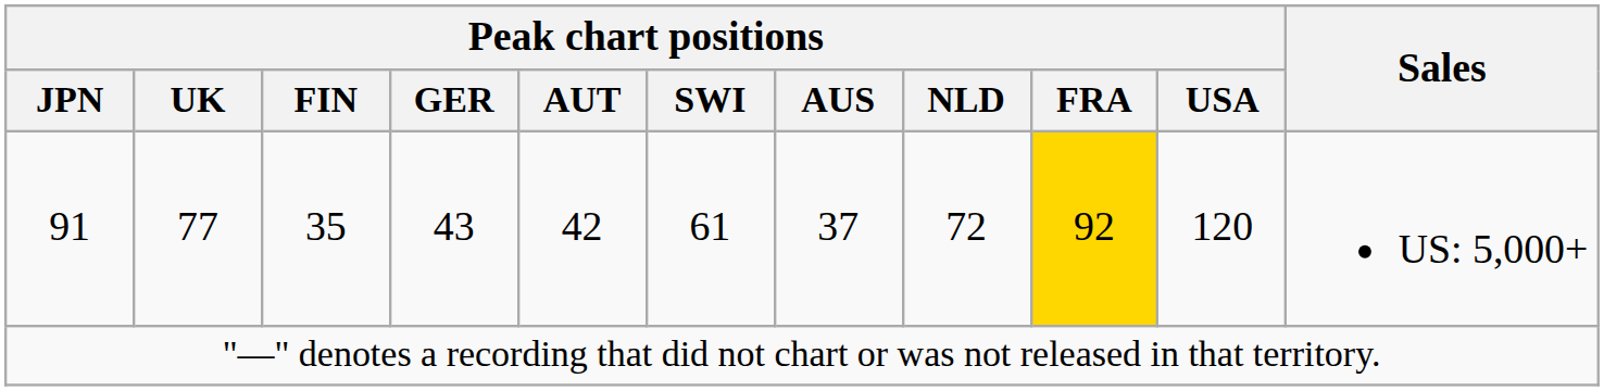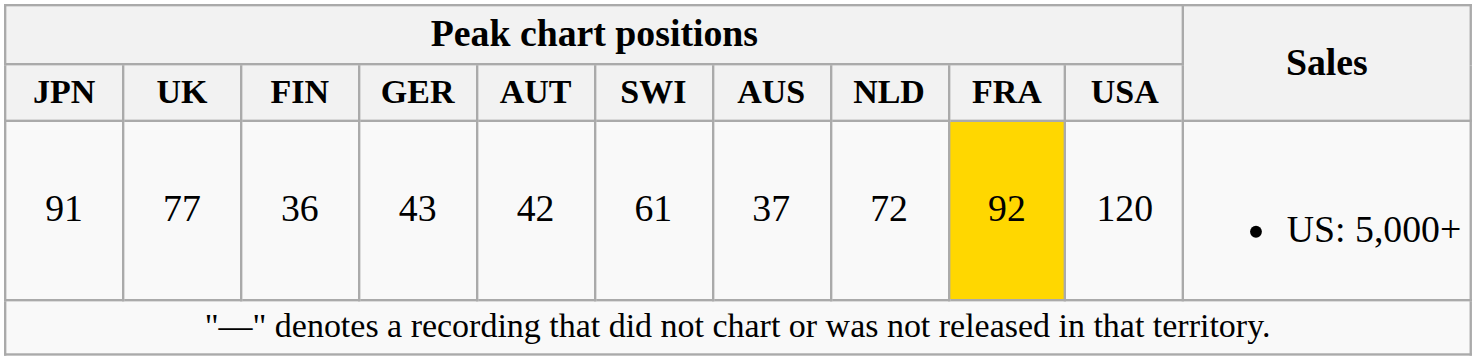 <table class="wikitable plainrowheaders" style="text-align:center;">
 <tr>
 <th scope="col" colspan="10">Peak chart positions</th>
 <th scope="col" rowspan="2">Sales</th>
 </tr>
 <tr>
 <th scope="col" style="width:3em;font-size:90%;">JPN<br></th>
 <th scope="col" style="width:3em;font-size:90%;">UK<br></th>
 <th scope="col" style="width:3em;font-size:90%;">FIN<br></th>
 <th scope="col" style="width:3em;font-size:90%;">GER<br></th>
 <th scope="col" style="width:3em;font-size:90%;">AUT<br></th>
 <th scope="col" style="width:3em;font-size:90%;">SWI<br></th>
 <th scope="col" style="width:3em;font-size:90%;">AUS<br></th>
 <th scope="col" style="width:3em;font-size:90%;">NLD<br></th>
 <th scope="col" style="width:3em;font-size:90%;">FRA<br></th>
 <th scope="col" style="width:3em;font-size:90%;">USA<br></th>
 </tr>
 <tr>
 <td>91</td>
 <td>77</td>
-<td>35</td>
+<td>36</td>
 <td>43</td>
 <td>42</td>
 <td>61</td>
 <td>37</td>
 <td>72</td>
 <td style="background: gold;">92</td>
 <td>120</td>
 <td><br><ul><li>US: 5,000+</li></ul></td>
 </tr>
 <tr>
 <td colspan="15" style="font-size:90%">"—" denotes a recording that did not chart or was not released in that territory.</td>
 </tr>
 </table>
